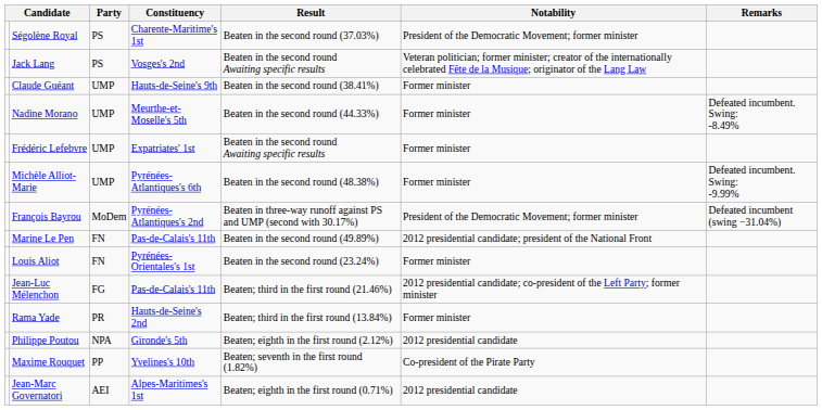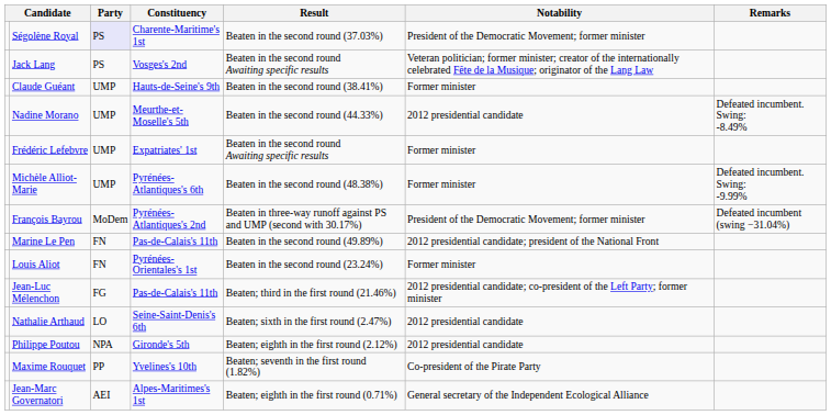 <table class="wikitable">
 <tr>
 <th colspan="2">Candidate</th>
 <th>Party</th>
 <th>Constituency</th>
 <th>Result</th>
 <th>Notability</th>
 <th>Remarks</th>
 </tr>
 <tr>
 <td style="background-color: "></td>
 <td><a href='#'>Ségolène Royal</a></td>
-<td>PS</td>
+<td style="background: lavender;">PS</td>
 <td><a href='#'>Charente-Maritime's 1st</a></td>
 <td>Beaten in the second round (37.03%)</td>
 <td>President of the Democratic Movement; former minister</td>
 <td></td>
 </tr>
 <tr>
 <td style="background-color: "></td>
 <td><a href='#'>Jack Lang</a></td>
 <td>PS</td>
 <td><a href='#'>Vosges's 2nd</a></td>
 <td>Beaten in the second round<br><em>Awaiting specific results</em></td>
 <td>Veteran politician; former minister; creator of the internationally celebrated <a href='#'>Fête de la Musique</a>; originator of the <a href='#'>Lang Law</a></td>
 <td></td>
 </tr>
 <tr>
 <td style="background-color: "></td>
 <td><a href='#'>Claude Guéant</a></td>
 <td>UMP</td>
 <td><a href='#'>Hauts-de-Seine's 9th</a></td>
 <td>Beaten in the second round (38.41%)</td>
 <td>Former minister</td>
 <td></td>
 </tr>
 <tr>
 <td style="background-color: "></td>
 <td><a href='#'>Nadine Morano</a></td>
 <td>UMP</td>
 <td><a href='#'>Meurthe-et-Moselle's 5th</a></td>
 <td>Beaten in the second round (44.33%)</td>
-<td>Former minister</td>
+<td>2012 presidential candidate</td>
 <td>Defeated incumbent.<br>Swing:<br>-8.49%</td>
 </tr>
 <tr>
 <td style="background-color: "></td>
 <td><a href='#'>Frédéric Lefebvre</a></td>
 <td>UMP</td>
 <td><a href='#'>Expatriates' 1st</a></td>
 <td>Beaten in the second round<br><em>Awaiting specific results</em></td>
 <td>Former minister</td>
 <td></td>
 </tr>
 <tr>
 <td style="background-color: "></td>
 <td><a href='#'>Michèle Alliot-Marie</a></td>
 <td>UMP</td>
 <td><a href='#'>Pyrénées-Atlantiques's 6th</a></td>
 <td>Beaten in the second round (48.38%)</td>
 <td>Former minister</td>
 <td>Defeated incumbent.<br>Swing:<br>-9.99%</td>
 </tr>
 <tr>
 <td style="background-color: "></td>
 <td><a href='#'>François Bayrou</a></td>
 <td>MoDem</td>
 <td><a href='#'>Pyrénées-Atlantiques's 2nd</a></td>
 <td>Beaten in three-way runoff against PS and UMP (second with 30.17%)</td>
 <td>President of the Democratic Movement; former minister</td>
 <td>Defeated incumbent (swing −31.04%)</td>
 </tr>
 <tr>
 <td style="background-color: "></td>
 <td><a href='#'>Marine Le Pen</a></td>
 <td>FN</td>
 <td><a href='#'>Pas-de-Calais's 11th</a></td>
 <td>Beaten in the second round (49.89%)</td>
 <td>2012 presidential candidate; president of the National Front</td>
 <td></td>
 </tr>
 <tr>
 <td style="background-color: "></td>
 <td><a href='#'>Louis Aliot</a></td>
 <td>FN</td>
 <td><a href='#'>Pyrénées-Orientales's 1st</a></td>
 <td>Beaten in the second round (23.24%)</td>
 <td>Former minister</td>
 <td></td>
 </tr>
 <tr>
 <td style="background-color: "></td>
 <td><a href='#'>Jean-Luc Mélenchon</a></td>
 <td>FG</td>
 <td><a href='#'>Pas-de-Calais's 11th</a></td>
 <td>Beaten; third in the first round (21.46%)</td>
 <td>2012 presidential candidate; co-president of the <a href='#'>Left Party</a>; former minister</td>
 <td></td>
 </tr>
 <tr>
 <td style="background-color: "></td>
-<td><a href='#'>Rama Yade</a></td>
-<td>PR</td>
-<td><a href='#'>Hauts-de-Seine's 2nd</a></td>
-<td>Beaten; third in the first round (13.84%)</td>
-<td>Former minister</td>
+<td><a href='#'>Nathalie Arthaud</a></td>
+<td>LO</td>
+<td><a href='#'>Seine-Saint-Denis's 6th</a></td>
+<td>Beaten; sixth in the first round (2.47%)</td>
+<td>2012 presidential candidate</td>
 <td></td>
 </tr>
 <tr>
 <td style="background-color: "></td>
 <td><a href='#'>Philippe Poutou</a></td>
 <td>NPA</td>
 <td><a href='#'>Gironde's 5th</a></td>
 <td>Beaten; eighth in the first round (2.12%)</td>
 <td>2012 presidential candidate</td>
 <td></td>
 </tr>
 <tr>
 <td style="background-color: "></td>
 <td><a href='#'>Maxime Rouquet</a></td>
 <td>PP</td>
 <td><a href='#'>Yvelines's 10th</a></td>
 <td>Beaten; seventh in the first round (1.82%)</td>
 <td>Co-president of the Pirate Party</td>
 <td></td>
 </tr>
 <tr>
 <td style="background-color: "></td>
 <td><a href='#'>Jean-Marc Governatori</a></td>
 <td>AEI</td>
 <td><a href='#'>Alpes-Maritimes's 1st</a></td>
 <td>Beaten; eighth in the first round (0.71%)</td>
-<td>2012 presidential candidate</td>
+<td>General secretary of the Independent Ecological Alliance</td>
 <td></td>
 </tr>
 </table>
